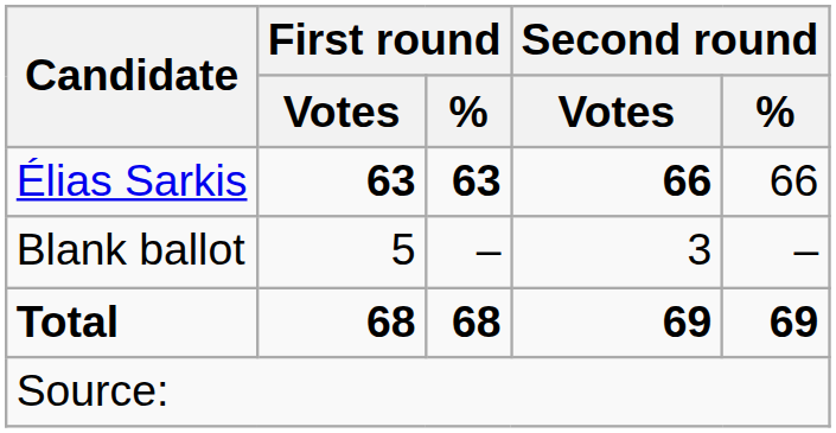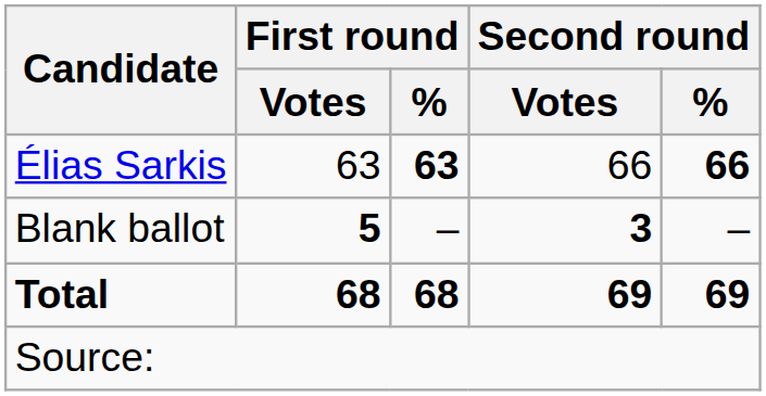 <table class=wikitable style=text-align:right>
 <tr>
 <th rowspan=2>Candidate</th>
 <th colspan=2>First round</th>
 <th colspan=2>Second round</th>
 </tr>
 <tr>
 <th>Votes</th>
 <th>%</th>
 <th>Votes</th>
 <th>%</th>
 </tr>
 <tr>
 <td align=left><a href='#'>Élias Sarkis</a></td>
+<td>63</td>
 <td><strong>63</strong></td>
-<td><strong>63</strong></td>
+<td>66</td>
 <td><strong>66</strong></td>
-<td>66</td>
 </tr>
 <tr>
 <td align=left>Blank ballot</td>
-<td>5</td>
+<td><strong>5</strong></td>
 <td>–</td>
-<td>3</td>
+<td><strong>3</strong></td>
 <td>–</td>
 </tr>
 <tr>
 <td align=left><strong>Total</strong></td>
 <td><strong>68</strong></td>
 <td><strong>68</strong></td>
 <td><strong>69</strong></td>
 <td><strong>69</strong></td>
 </tr>
 <tr>
 <td align=left colspan=7>Source: </td>
 </tr>
 </table>
